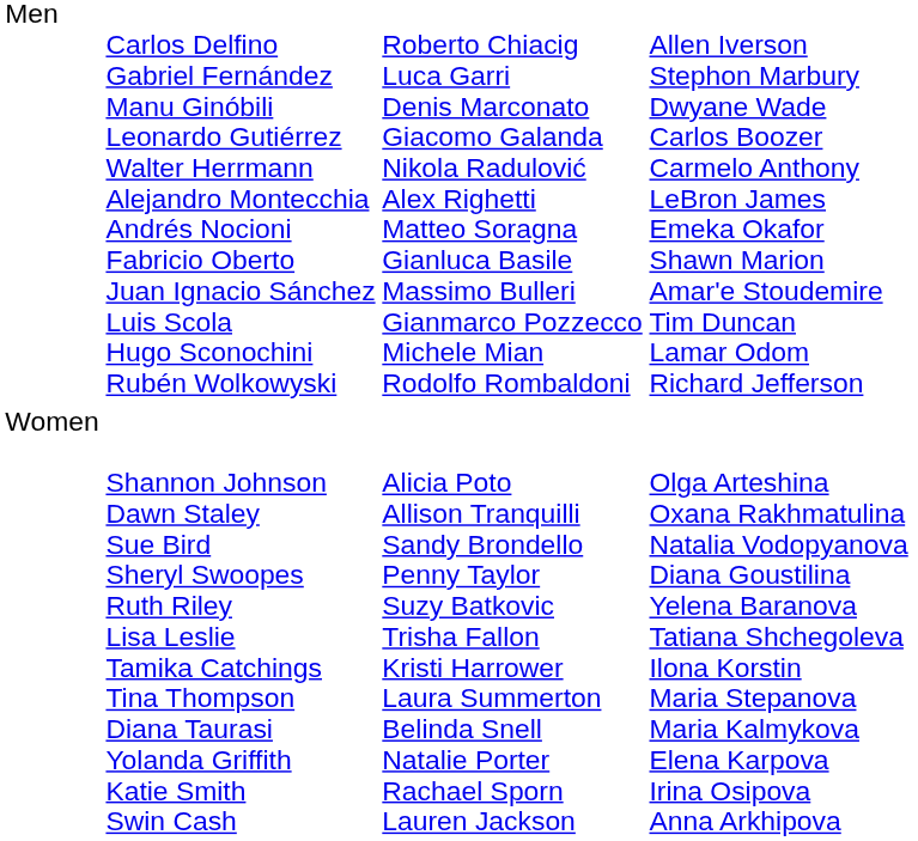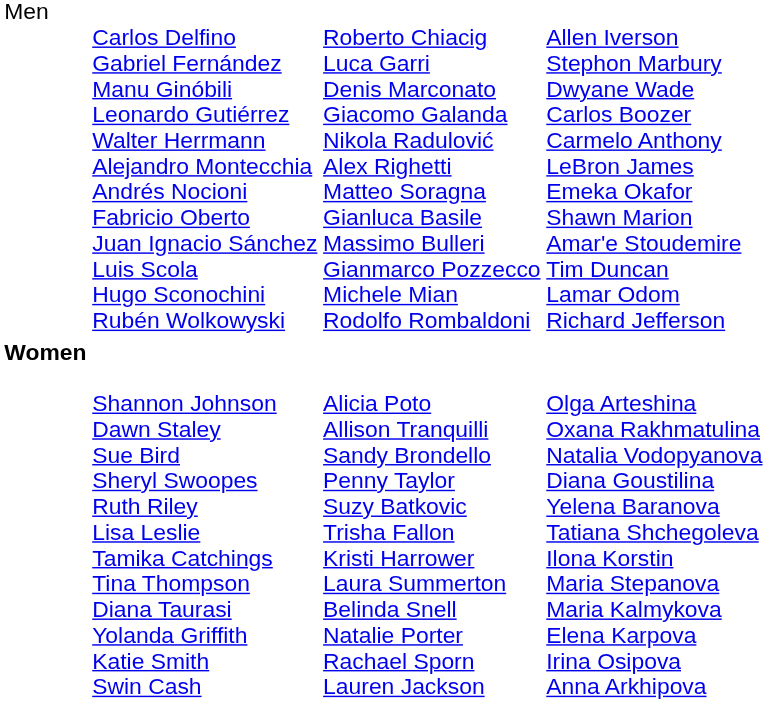 <table>
 <tr valign="top">
 <td>Men <br></td>
 <td><br><a href='#'>Carlos Delfino</a><br> <a href='#'>Gabriel Fernández</a><br> <a href='#'>Manu Ginóbili</a><br> <a href='#'>Leonardo Gutiérrez</a><br> <a href='#'>Walter Herrmann</a><br> <a href='#'>Alejandro Montecchia</a><br> <a href='#'>Andrés Nocioni</a><br> <a href='#'>Fabricio Oberto</a><br> <a href='#'>Juan Ignacio Sánchez</a><br> <a href='#'>Luis Scola</a><br> <a href='#'>Hugo Sconochini</a><br> <a href='#'>Rubén Wolkowyski</a><br></td>
 <td><br><a href='#'>Roberto Chiacig</a><br> <a href='#'>Luca Garri</a><br> <a href='#'>Denis Marconato</a><br> <a href='#'>Giacomo Galanda</a><br> <a href='#'>Nikola Radulović</a><br> <a href='#'>Alex Righetti</a><br> <a href='#'>Matteo Soragna</a><br> <a href='#'>Gianluca Basile</a><br> <a href='#'>Massimo Bulleri</a><br> <a href='#'>Gianmarco Pozzecco</a><br> <a href='#'>Michele Mian</a><br> <a href='#'>Rodolfo Rombaldoni</a><br></td>
 <td><br><a href='#'>Allen Iverson</a><br> <a href='#'>Stephon Marbury</a><br> <a href='#'>Dwyane Wade</a><br> <a href='#'>Carlos Boozer</a><br> <a href='#'>Carmelo Anthony</a><br> <a href='#'>LeBron James</a><br> <a href='#'>Emeka Okafor</a><br> <a href='#'>Shawn Marion</a><br> <a href='#'>Amar'e Stoudemire</a><br> <a href='#'>Tim Duncan</a><br> <a href='#'>Lamar Odom</a><br> <a href='#'>Richard Jefferson</a><br></td>
 </tr>
 <tr valign="top">
-<td>Women <br></td>
+<td><strong>Women <br></strong></td>
 <td><br><br><a href='#'>Shannon Johnson</a><br> <a href='#'>Dawn Staley</a><br> <a href='#'>Sue Bird</a><br> <a href='#'>Sheryl Swoopes</a><br> <a href='#'>Ruth Riley</a><br> <a href='#'>Lisa Leslie</a><br> <a href='#'>Tamika Catchings</a><br> <a href='#'>Tina Thompson</a><br> <a href='#'>Diana Taurasi</a><br> <a href='#'>Yolanda Griffith</a><br> <a href='#'>Katie Smith</a><br> <a href='#'>Swin Cash</a><br></td>
 <td><br><br><a href='#'>Alicia Poto</a><br> <a href='#'>Allison Tranquilli</a><br> <a href='#'>Sandy Brondello</a><br> <a href='#'>Penny Taylor</a><br> <a href='#'>Suzy Batkovic</a><br> <a href='#'>Trisha Fallon</a><br> <a href='#'>Kristi Harrower</a><br> <a href='#'>Laura Summerton</a><br> <a href='#'>Belinda Snell</a><br> <a href='#'>Natalie Porter</a><br> <a href='#'>Rachael Sporn</a><br> <a href='#'>Lauren Jackson</a><br></td>
 <td><br><br><a href='#'>Olga Arteshina</a><br> <a href='#'>Oxana Rakhmatulina</a><br> <a href='#'>Natalia Vodopyanova</a><br> <a href='#'>Diana Goustilina</a><br> <a href='#'>Yelena Baranova</a><br> <a href='#'>Tatiana Shchegoleva</a><br> <a href='#'>Ilona Korstin</a><br> <a href='#'>Maria Stepanova</a><br> <a href='#'>Maria Kalmykova</a><br> <a href='#'>Elena Karpova</a><br> <a href='#'>Irina Osipova</a><br> <a href='#'>Anna Arkhipova</a><br></td>
 </tr>
 </table>
